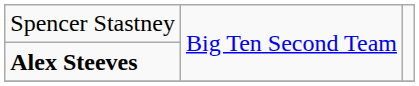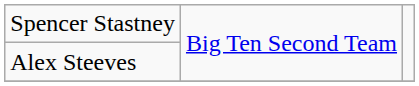 <table class="wikitable">
 <tr>
 <td>Spencer Stastney</td>
 <td rowspan=2><a href='#'>Big Ten Second Team</a></td>
 <td rowspan=2></td>
 </tr>
 <tr>
-<td><strong>Alex Steeves</strong></td>
+<td>Alex Steeves</td>
 </tr>
 <tr>
 </tr>
 </table>
